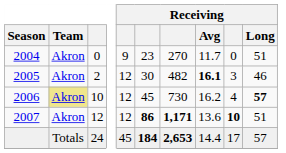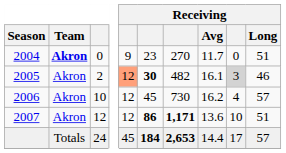 <table class="wikitable" style="text-align:center">
 <tr>
 <th colspan=3 style="text-align:center; background:#fff; border-color:#fff #fff #aaa #fff"> </th>
 <th rowspan=99 style="text-align:center; background:#fff; border-color:#fff #aaa"> </th>
 <th colspan=6>Receiving</th>
 </tr>
 <tr>
 <th>Season</th>
 <th>Team</th>
 <th></th>
 <th></th>
 <th></th>
 <th></th>
 <th>Avg</th>
 <th></th>
 <th>Long</th>
 </tr>
 <tr>
 <td><a href='#'>2004</a></td>
-<td><a href='#'>Akron</a></td>
+<td><strong><a href='#'>Akron</a></strong></td>
 <td>0</td>
 <td>9</td>
 <td>23</td>
 <td>270</td>
 <td>11.7</td>
 <td>0</td>
 <td>51</td>
 </tr>
 <tr>
 <td><a href='#'>2005</a></td>
 <td><a href='#'>Akron</a></td>
 <td>2</td>
-<td>12</td>
-<td>30</td>
+<td style="background: lightsalmon;">12</td>
+<td><strong>30</strong></td>
 <td>482</td>
-<td><strong>16.1</strong></td>
-<td>3</td>
+<td>16.1</td>
+<td style="background: lightgrey;">3</td>
 <td>46</td>
 </tr>
 <tr>
 <td><a href='#'>2006</a></td>
-<td style="background: khaki;"><a href='#'>Akron</a></td>
+<td><a href='#'>Akron</a></td>
 <td>10</td>
 <td>12</td>
 <td>45</td>
 <td>730</td>
 <td>16.2</td>
 <td>4</td>
-<td><strong>57</strong></td>
+<td>57</td>
 </tr>
 <tr>
 <td><a href='#'>2007</a></td>
 <td><a href='#'>Akron</a></td>
 <td>12</td>
 <td>12</td>
 <td><strong>86</strong></td>
 <td><strong>1,171</strong></td>
 <td>13.6</td>
-<td><strong>10</strong></td>
+<td>10</td>
 <td>51</td>
 </tr>
 <tr style="background:#f0f0f0;">
 <td></td>
 <td>Totals</td>
 <td>24</td>
 <td>45</td>
 <td><strong>184</strong></td>
 <td><strong>2,653</strong></td>
 <td>14.4</td>
 <td>17</td>
 <td>57</td>
 </tr>
 <tr>
 </tr>
 </table>
